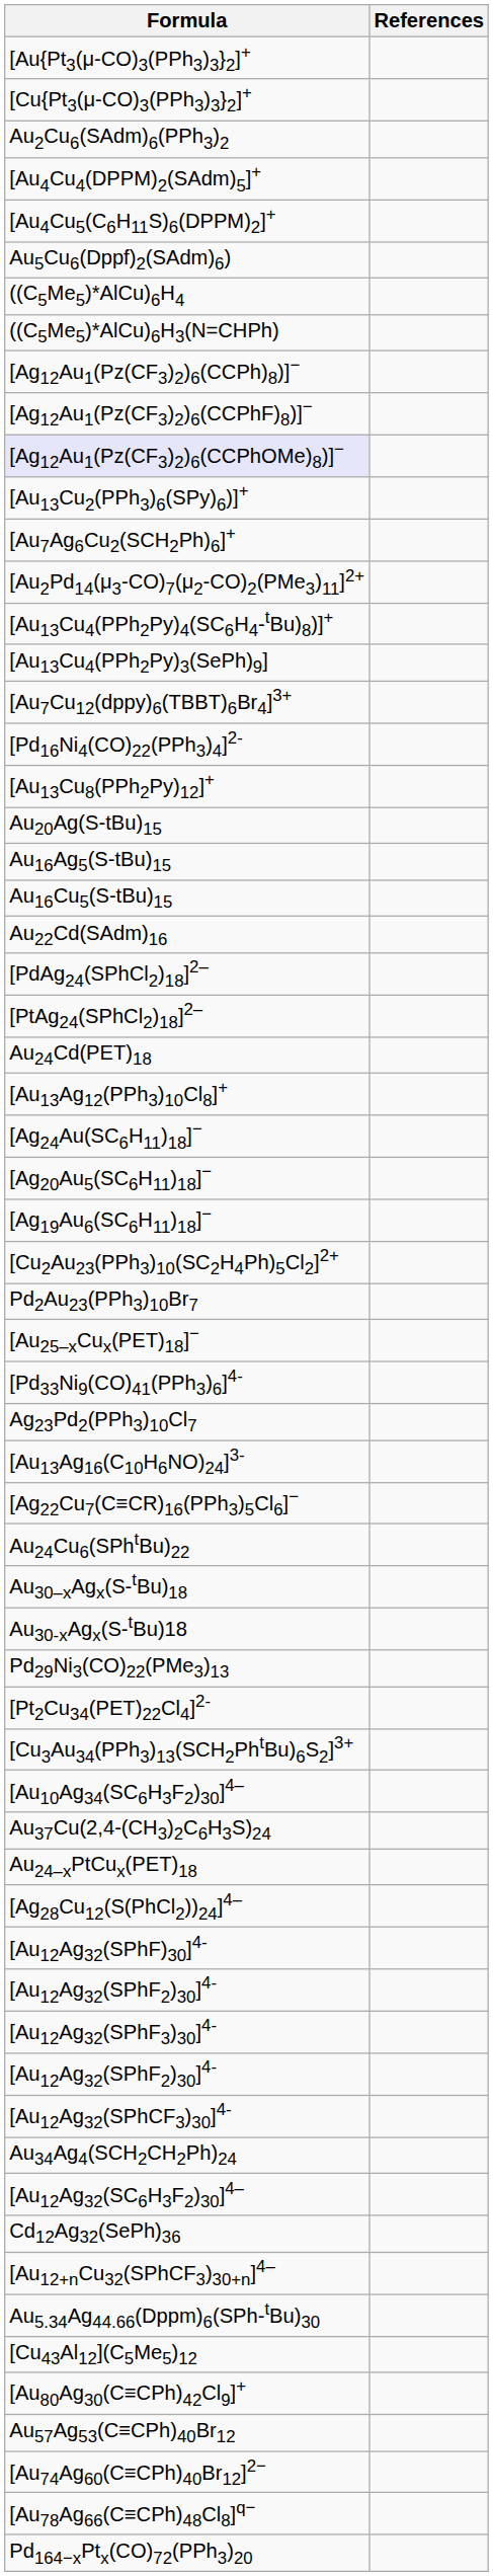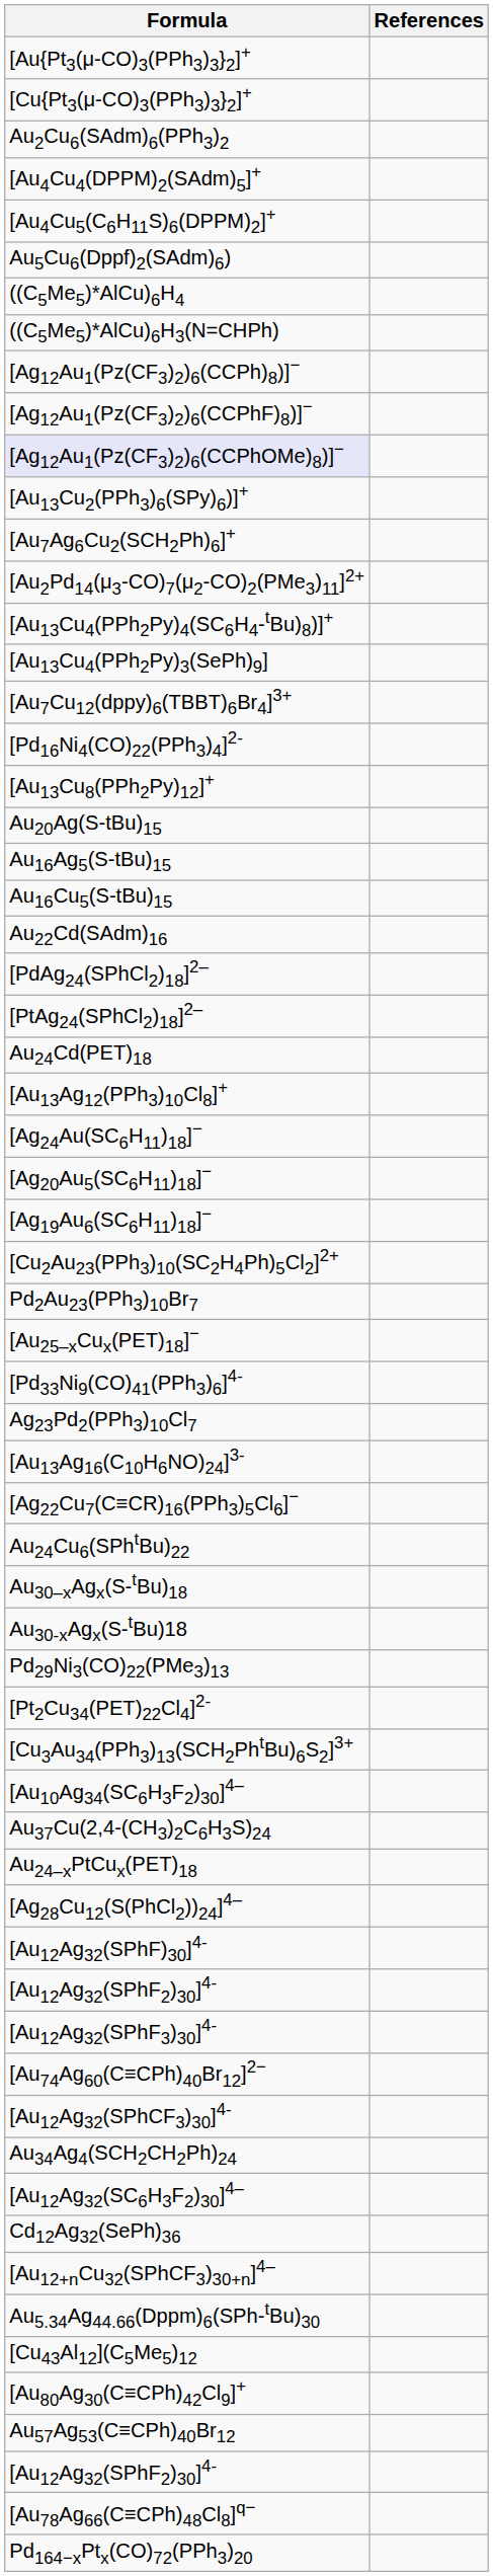 <table class="wikitable">
 <tr>
 <th>Formula</th>
 <th>References</th>
 </tr>
 <tr>
 <td>[Au{Pt<sub>3</sub>(μ-CO)<sub>3</sub>(PPh<sub>3</sub>)<sub>3</sub>}<sub>2</sub>]<sup>+</sup></td>
 <td></td>
 </tr>
 <tr>
 <td>[Cu{Pt<sub>3</sub>(μ-CO)<sub>3</sub>(PPh<sub>3</sub>)<sub>3</sub>}<sub>2</sub>]<sup>+</sup></td>
 <td></td>
 </tr>
 <tr>
 <td>Au<sub>2</sub>Cu<sub>6</sub>(SAdm)<sub>6</sub>(PPh<sub>3</sub>)<sub>2</sub></td>
 <td></td>
 </tr>
 <tr>
 <td>[Au<sub>4</sub>Cu<sub>4</sub>(DPPM)<sub>2</sub>(SAdm)<sub>5</sub>]<sup>+</sup></td>
 <td></td>
 </tr>
 <tr>
 <td>[Au<sub>4</sub>Cu<sub>5</sub>(C<sub>6</sub>H<sub>11</sub>S)<sub>6</sub>(DPPM)<sub>2</sub>]<sup>+</sup></td>
 <td></td>
 </tr>
 <tr>
 <td>Au<sub>5</sub>Cu<sub>6</sub>(Dppf)<sub>2</sub>(SAdm)<sub>6</sub>)</td>
 <td></td>
 </tr>
 <tr>
 <td>((C<sub>5</sub>Me<sub>5</sub>)*AlCu)<sub>6</sub>H<sub>4</sub></td>
 <td></td>
 </tr>
 <tr>
 <td>((C<sub>5</sub>Me<sub>5</sub>)*AlCu)<sub>6</sub>H<sub>3</sub>(N=CHPh)</td>
 <td></td>
 </tr>
 <tr>
 <td>[Ag<sub>12</sub>Au<sub>1</sub>(Pz(CF<sub>3</sub>)<sub>2</sub>)<sub>6</sub>(CCPh)<sub>8</sub>)]<sup>−</sup></td>
 <td></td>
 </tr>
 <tr>
 <td>[Ag<sub>12</sub>Au<sub>1</sub>(Pz(CF<sub>3</sub>)<sub>2</sub>)<sub>6</sub>(CCPhF)<sub>8</sub>)]<sup>−</sup></td>
 <td></td>
 </tr>
 <tr>
 <td style="background: lavender;">[Ag<sub>12</sub>Au<sub>1</sub>(Pz(CF<sub>3</sub>)<sub>2</sub>)<sub>6</sub>(CCPhOMe)<sub>8</sub>)]<sup>−</sup></td>
 <td></td>
 </tr>
 <tr>
 <td>[Au<sub>13</sub>Cu<sub>2</sub>(PPh<sub>3</sub>)<sub>6</sub>(SPy)<sub>6</sub>)]<sup>+</sup></td>
 <td></td>
 </tr>
 <tr>
 <td>[Au<sub>7</sub>Ag<sub>6</sub>Cu<sub>2</sub>(SCH<sub>2</sub>Ph)<sub>6</sub>]<sup>+</sup></td>
 <td></td>
 </tr>
 <tr>
 <td>[Au<sub>2</sub>Pd<sub>14</sub>(μ<sub>3</sub>-CO)<sub>7</sub>(μ<sub>2</sub>-CO)<sub>2</sub>(PMe<sub>3</sub>)<sub>11</sub>]<sup>2+</sup></td>
 <td></td>
 </tr>
 <tr>
 <td>[Au<sub>13</sub>Cu<sub>4</sub>(PPh<sub>2</sub>Py)<sub>4</sub>(SC<sub>6</sub>H<sub>4</sub>-<sup>t</sup>Bu)<sub>8</sub>)]<sup>+</sup></td>
 <td></td>
 </tr>
 <tr>
 <td>[Au<sub>13</sub>Cu<sub>4</sub>(PPh<sub>2</sub>Py)<sub>3</sub>(SePh)<sub>9</sub>]</td>
 <td></td>
 </tr>
 <tr>
 <td>[Au<sub>7</sub>Cu<sub>12</sub>(dppy)<sub>6</sub>(TBBT)<sub>6</sub>Br<sub>4</sub>]<sup>3+</sup></td>
 <td></td>
 </tr>
 <tr>
 <td>[Pd<sub>16</sub>Ni<sub>4</sub>(CO)<sub>22</sub>(PPh<sub>3</sub>)<sub>4</sub>]<sup>2-</sup></td>
 <td></td>
 </tr>
 <tr>
 <td>[Au<sub>13</sub>Cu<sub>8</sub>(PPh<sub>2</sub>Py)<sub>12</sub>]<sup>+</sup></td>
 <td></td>
 </tr>
 <tr>
 <td>Au<sub>20</sub>Ag(S-tBu)<sub>15</sub></td>
 <td></td>
 </tr>
 <tr>
 <td>Au<sub>16</sub>Ag<sub>5</sub>(S-tBu)<sub>15</sub></td>
 <td></td>
 </tr>
 <tr>
 <td>Au<sub>16</sub>Cu<sub>5</sub>(S-tBu)<sub>15</sub></td>
 <td></td>
 </tr>
 <tr>
 <td>Au<sub>22</sub>Cd(SAdm)<sub>16</sub></td>
 <td></td>
 </tr>
 <tr>
 <td>[PdAg<sub>24</sub>(SPhCl<sub>2</sub>)<sub>18</sub>]<sup>2–</sup></td>
 <td></td>
 </tr>
 <tr>
 <td>[PtAg<sub>24</sub>(SPhCl<sub>2</sub>)<sub>18</sub>]<sup>2–</sup></td>
 <td></td>
 </tr>
 <tr>
 <td>Au<sub>24</sub>Cd(PET)<sub>18</sub></td>
 <td></td>
 </tr>
 <tr>
 <td>[Au<sub>13</sub>Ag<sub>12</sub>(PPh<sub>3</sub>)<sub>10</sub>Cl<sub>8</sub>]<sup>+</sup></td>
 <td></td>
 </tr>
 <tr>
 <td>[Ag<sub>24</sub>Au(SC<sub>6</sub>H<sub>11</sub>)<sub>18</sub>]<sup>−</sup></td>
 <td></td>
 </tr>
 <tr>
 <td>[Ag<sub>20</sub>Au<sub>5</sub>(SC<sub>6</sub>H<sub>11</sub>)<sub>18</sub>]<sup>−</sup></td>
 <td></td>
 </tr>
 <tr>
 <td>[Ag<sub>19</sub>Au<sub>6</sub>(SC<sub>6</sub>H<sub>11</sub>)<sub>18</sub>]<sup>−</sup></td>
 <td></td>
 </tr>
 <tr>
 <td>[Cu<sub>2</sub>Au<sub>23</sub>(PPh<sub>3</sub>)<sub>10</sub>(SC<sub>2</sub>H<sub>4</sub>Ph)<sub>5</sub>Cl<sub>2</sub>]<sup>2+</sup></td>
 <td></td>
 </tr>
 <tr>
 <td>Pd<sub>2</sub>Au<sub>23</sub>(PPh<sub>3</sub>)<sub>10</sub>Br<sub>7</sub></td>
 <td></td>
 </tr>
 <tr>
 <td>[Au<sub>25–x</sub>Cu<sub>x</sub>(PET)<sub>18</sub>]<sup>−</sup></td>
 <td></td>
 </tr>
 <tr>
 <td>[Pd<sub>33</sub>Ni<sub>9</sub>(CO)<sub>41</sub>(PPh<sub>3</sub>)<sub>6</sub>]<sup>4-</sup></td>
 <td></td>
 </tr>
 <tr>
 <td>Ag<sub>23</sub>Pd<sub>2</sub>(PPh<sub>3</sub>)<sub>10</sub>Cl<sub>7</sub></td>
 <td></td>
 </tr>
 <tr>
 <td>[Au<sub>13</sub>Ag<sub>16</sub>(C<sub>10</sub>H<sub>6</sub>NO)<sub>24</sub>]<sup>3-</sup></td>
 <td></td>
 </tr>
 <tr>
 <td>[Ag<sub>22</sub>Cu<sub>7</sub>(C≡CR)<sub>16</sub>(PPh<sub>3</sub>)<sub>5</sub>Cl<sub>6</sub>]<sup>−</sup></td>
 <td></td>
 </tr>
 <tr>
 <td>Au<sub>24</sub>Cu<sub>6</sub>(SPh<sup>t</sup>Bu)<sub>22</sub></td>
 <td></td>
 </tr>
 <tr>
 <td>Au<sub>30–x</sub>Ag<sub>x</sub>(S-<sup>t</sup>Bu)<sub>18</sub></td>
 <td></td>
 </tr>
 <tr>
 <td>Au<sub>30-x</sub>Ag<sub>x</sub>(S-<sup>t</sup>Bu)18</td>
 <td></td>
 </tr>
 <tr>
 <td>Pd<sub>29</sub>Ni<sub>3</sub>(CO)<sub>22</sub>(PMe<sub>3</sub>)<sub>13</sub></td>
 <td></td>
 </tr>
 <tr>
 <td>[Pt<sub>2</sub>Cu<sub>34</sub>(PET)<sub>22</sub>Cl<sub>4</sub>]<sup>2-</sup></td>
 <td></td>
 </tr>
 <tr>
 <td>[Cu<sub>3</sub>Au<sub>34</sub>(PPh<sub>3</sub>)<sub>13</sub>(SCH<sub>2</sub>Ph<sup>t</sup>Bu)<sub>6</sub>S<sub>2</sub>]<sup>3+</sup></td>
 <td></td>
 </tr>
 <tr>
 <td>[Au<sub>10</sub>Ag<sub>34</sub>(SC<sub>6</sub>H<sub>3</sub>F<sub>2</sub>)<sub>30</sub>]<sup>4–</sup></td>
 <td></td>
 </tr>
 <tr>
 <td>Au<sub>37</sub>Cu(2,4-(CH<sub>3</sub>)<sub>2</sub>C<sub>6</sub>H<sub>3</sub>S)<sub>24</sub></td>
 <td></td>
 </tr>
 <tr>
 <td>Au<sub>24–x</sub>PtCu<sub>x</sub>(PET)<sub>18</sub></td>
 <td></td>
 </tr>
 <tr>
 <td>[Ag<sub>28</sub>Cu<sub>12</sub>(S(PhCl<sub>2</sub>))<sub>24</sub>]<sup>4–</sup></td>
 <td></td>
 </tr>
 <tr>
 <td>[Au<sub>12</sub>Ag<sub>32</sub>(SPhF)<sub>30</sub>]<sup>4-</sup></td>
 <td></td>
 </tr>
 <tr>
 <td>[Au<sub>12</sub>Ag<sub>32</sub>(SPhF<sub>2</sub>)<sub>30</sub>]<sup>4-</sup></td>
 <td></td>
 </tr>
 <tr>
 <td>[Au<sub>12</sub>Ag<sub>32</sub>(SPhF<sub>3</sub>)<sub>30</sub>]<sup>4-</sup></td>
 <td></td>
 </tr>
 <tr>
-<td>[Au<sub>12</sub>Ag<sub>32</sub>(SPhF<sub>2</sub>)<sub>30</sub>]<sup>4-</sup></td>
+<td>[Au<sub>74</sub>Ag<sub>60</sub>(C≡CPh)<sub>40</sub>Br<sub>12</sub>]<sup>2−</sup></td>
 <td></td>
 </tr>
 <tr>
 <td>[Au<sub>12</sub>Ag<sub>32</sub>(SPhCF<sub>3</sub>)<sub>30</sub>]<sup>4-</sup></td>
 <td></td>
 </tr>
 <tr>
 <td>Au<sub>34</sub>Ag<sub>4</sub>(SCH<sub>2</sub>CH<sub>2</sub>Ph)<sub>24</sub></td>
 <td></td>
 </tr>
 <tr>
 <td>[Au<sub>12</sub>Ag<sub>32</sub>(SC<sub>6</sub>H<sub>3</sub>F<sub>2</sub>)<sub>30</sub>]<sup>4–</sup></td>
 <td></td>
 </tr>
 <tr>
 <td>Cd<sub>12</sub>Ag<sub>32</sub>(SePh)<sub>36</sub></td>
 <td></td>
 </tr>
 <tr>
 <td>[Au<sub>12+n</sub>Cu<sub>32</sub>(SPhCF<sub>3</sub>)<sub>30+n</sub>]<sup>4–</sup></td>
 <td></td>
 </tr>
 <tr>
 <td>Au<sub>5.34</sub>Ag<sub>44.66</sub>(Dppm)<sub>6</sub>(SPh-<sup>t</sup>Bu)<sub>30</sub></td>
 <td></td>
 </tr>
 <tr>
 <td>[Cu<sub>43</sub>Al<sub>12</sub>](C<sub>5</sub>Me<sub>5</sub>)<sub>12</sub></td>
 <td></td>
 </tr>
 <tr>
 <td>[Au<sub>80</sub>Ag<sub>30</sub>(C≡CPh)<sub>42</sub>Cl<sub>9</sub>]<sup>+</sup></td>
 <td></td>
 </tr>
 <tr>
 <td>Au<sub>57</sub>Ag<sub>53</sub>(C≡CPh)<sub>40</sub>Br<sub>12</sub></td>
 <td></td>
 </tr>
 <tr>
-<td>[Au<sub>74</sub>Ag<sub>60</sub>(C≡CPh)<sub>40</sub>Br<sub>12</sub>]<sup>2−</sup></td>
+<td>[Au<sub>12</sub>Ag<sub>32</sub>(SPhF<sub>2</sub>)<sub>30</sub>]<sup>4-</sup></td>
 <td></td>
 </tr>
 <tr>
 <td>[Au<sub>78</sub>Ag<sub>66</sub>(C≡CPh)<sub>48</sub>Cl<sub>8</sub>]<sup>q−</sup></td>
 <td></td>
 </tr>
 <tr>
 <td>Pd<sub>164−x</sub>Pt<sub>x</sub>(CO)<sub>72</sub>(PPh<sub>3</sub>)<sub>20</sub></td>
 <td></td>
 </tr>
 <tr>
 </tr>
 </table>
